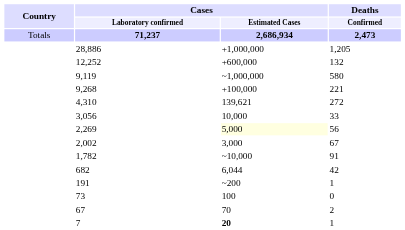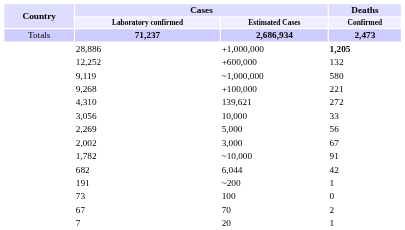 <table class="toccolours" style="float: center; margin: 0.5em auto; width:43em; font-size: 95%;">
 <tr>
 <th style="background:#ddddff;" rowspan="2">Country</th>
 <th style="background:#ddddff;" colspan="2">Cases</th>
 <th style="background:#ddddff;" colspan="1">Deaths</th>
 </tr>
 <tr style="font-size:80%">
 <th style="background:#eeeeff;">Laboratory confirmed</th>
 <th style="background:#eeeeff;">Estimated Cases</th>
 <th style="background:#eeeeff;">Confirmed</th>
 </tr>
 <tr>
 <td style="background:#ccccff;" align=center>Totals</td>
 <th style="background:#ccccff;">71,237</th>
 <th style="background:#ccccff;">2,686,934</th>
 <th style="background:#ccccff;">2,473</th>
 </tr>
 <tr>
 <td align=left></td>
 <td>28,886</td>
 <td>+1,000,000</td>
-<td>1,205</td>
+<td><strong>1,205</strong></td>
 </tr>
 <tr>
 <td align=left></td>
 <td>12,252</td>
 <td>+600,000</td>
 <td>132</td>
 </tr>
 <tr>
 <td align=left></td>
 <td>9,119</td>
 <td>~1,000,000</td>
 <td>580</td>
 </tr>
 <tr>
 <td align=left></td>
 <td>9,268</td>
 <td>+100,000</td>
 <td>221</td>
 </tr>
 <tr>
 <td align=left></td>
 <td>4,310</td>
 <td>139,621</td>
 <td>272</td>
 </tr>
 <tr>
 <td align=left></td>
 <td>3,056</td>
 <td>10,000</td>
 <td>33</td>
 </tr>
 <tr>
 <td align=left></td>
 <td>2,269</td>
-<td style="background: lightyellow;">5,000</td>
+<td>5,000</td>
 <td>56</td>
 </tr>
 <tr>
 <td align=left></td>
 <td>2,002</td>
 <td>3,000</td>
 <td>67</td>
 </tr>
 <tr>
 <td align=left></td>
 <td>1,782</td>
 <td>~10,000</td>
 <td>91</td>
 </tr>
 <tr>
 <td align=left></td>
 <td>682</td>
 <td>6,044</td>
 <td>42</td>
 </tr>
 <tr>
 <td align=left></td>
 <td>191</td>
 <td>~200</td>
 <td>1</td>
 </tr>
 <tr>
 <td align=left></td>
 <td>73</td>
 <td>100</td>
 <td>0</td>
 </tr>
 <tr>
 <td align=left></td>
 <td>67</td>
 <td>70</td>
 <td>2</td>
 </tr>
 <tr>
 <td align=left></td>
 <td>7</td>
-<td><strong>20</strong></td>
+<td>20</td>
 <td>1</td>
 </tr>
 </table>
